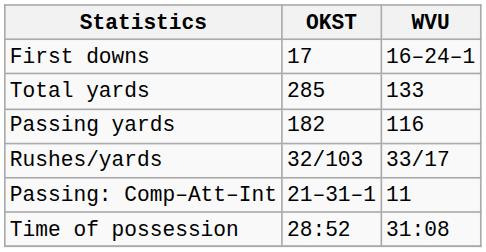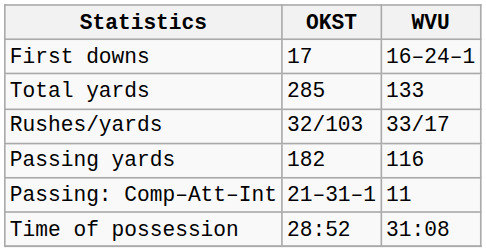 <table class="wikitable" style="float: left;">
 <tr>
 <th>Statistics</th>
 <th>OKST</th>
 <th>WVU</th>
 </tr>
 <tr>
 <td>First downs</td>
 <td>17</td>
 <td>16–24–1</td>
 </tr>
 <tr>
 <td>Total yards</td>
 <td>285</td>
 <td>133</td>
 </tr>
 <tr>
+<td>Rushes/yards</td>
+<td>32/103</td>
+<td>33/17</td>
+</tr>
+<tr>
 <td>Passing yards</td>
 <td>182</td>
 <td>116</td>
-</tr>
-<tr>
-<td>Rushes/yards</td>
-<td>32/103</td>
-<td>33/17</td>
 </tr>
 <tr>
 <td>Passing: Comp–Att–Int</td>
 <td>21–31–1</td>
 <td>11</td>
 </tr>
 <tr>
 <td>Time of possession</td>
 <td>28:52</td>
 <td>31:08</td>
 </tr>
 <tr>
 </tr>
 </table>
